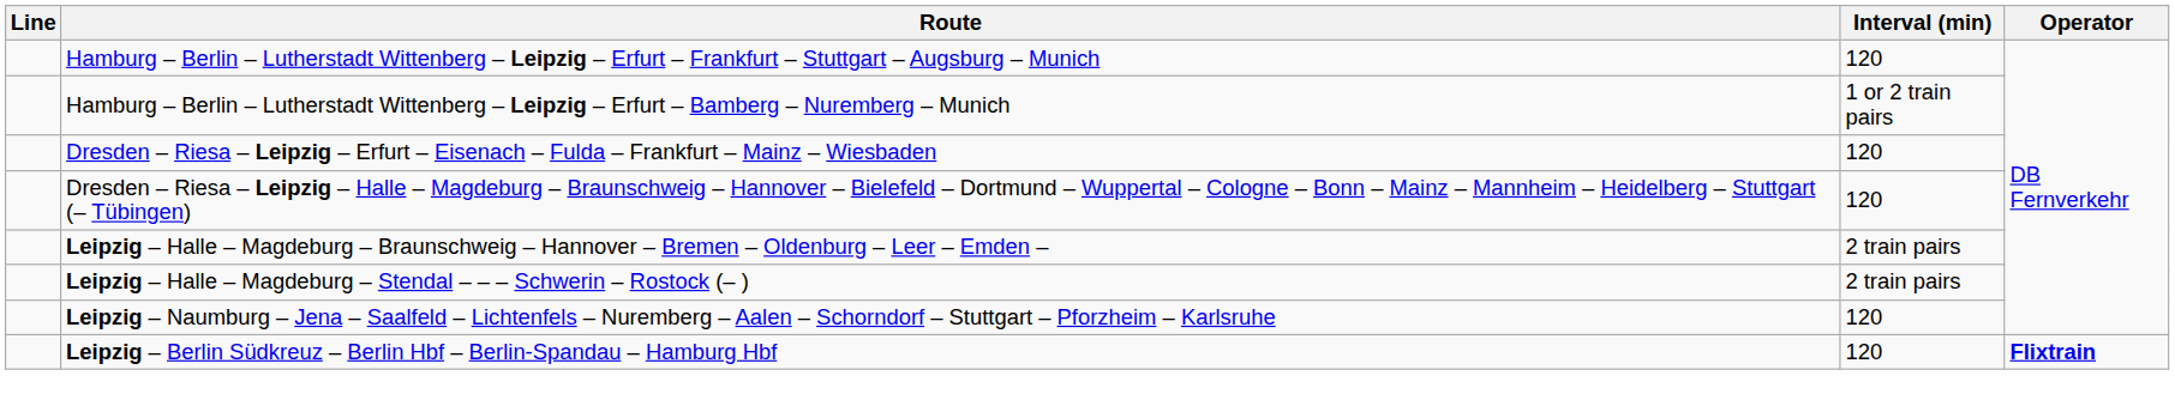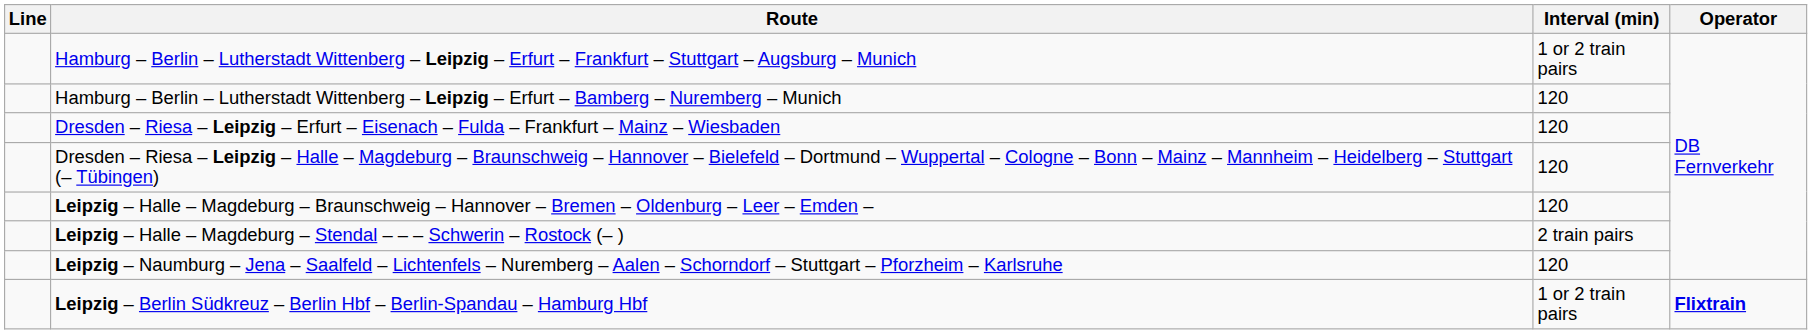 <table class="wikitable">
 <tr>
 <th>Line</th>
 <th>Route</th>
 <th>Interval (min)</th>
 <th>Operator</th>
 </tr>
 <tr>
 <td align="center"></td>
 <td><a href='#'>Hamburg</a> – <a href='#'>Berlin</a> – <a href='#'>Lutherstadt Wittenberg</a> – <strong>Leipzig</strong> – <a href='#'>Erfurt</a> – <a href='#'>Frankfurt</a> – <a href='#'>Stuttgart</a> – <a href='#'>Augsburg</a> – <a href='#'>Munich</a></td>
-<td>120</td>
+<td>1 or 2 train pairs</td>
 <td rowspan=7><a href='#'>DB Fernverkehr</a></td>
 </tr>
 <tr>
 <td align="center"></td>
 <td>Hamburg – Berlin – Lutherstadt Wittenberg – <strong>Leipzig</strong> – Erfurt – <a href='#'>Bamberg</a> – <a href='#'>Nuremberg</a> – Munich</td>
-<td>1 or 2 train pairs</td>
+<td>120</td>
 </tr>
 <tr>
 <td align="center"></td>
 <td><a href='#'>Dresden</a> – <a href='#'>Riesa</a> – <strong>Leipzig</strong> – Erfurt – <a href='#'>Eisenach</a> – <a href='#'>Fulda</a> – Frankfurt – <a href='#'>Mainz</a> – <a href='#'>Wiesbaden</a></td>
 <td>120</td>
 </tr>
 <tr>
 <td align="center"></td>
 <td>Dresden – Riesa – <strong>Leipzig</strong> – <a href='#'>Halle</a> – <a href='#'>Magdeburg</a> – <a href='#'>Braunschweig</a> – <a href='#'>Hannover</a> – <a href='#'>Bielefeld</a> – Dortmund – <a href='#'>Wuppertal</a> – <a href='#'>Cologne</a> – <a href='#'>Bonn</a> – <a href='#'>Mainz</a> – <a href='#'>Mannheim</a> – <a href='#'>Heidelberg</a> – <a href='#'>Stuttgart</a> (– <a href='#'>Tübingen</a>)</td>
 <td>120</td>
 </tr>
 <tr>
 <td align="center"></td>
 <td><strong>Leipzig</strong> – Halle – Magdeburg – Braunschweig – Hannover – <a href='#'>Bremen</a> – <a href='#'>Oldenburg</a> – <a href='#'>Leer</a> – <a href='#'>Emden</a> – </td>
-<td>2 train pairs</td>
+<td>120</td>
 </tr>
 <tr>
 <td align="center"></td>
 <td><strong>Leipzig</strong> – Halle – Magdeburg – <a href='#'>Stendal</a> –  –  – <a href='#'>Schwerin</a> – <a href='#'>Rostock</a> (– )</td>
 <td>2 train pairs</td>
 </tr>
 <tr>
 <td align="center"></td>
 <td><strong>Leipzig</strong> – Naumburg – <a href='#'>Jena</a> – <a href='#'>Saalfeld</a> – <a href='#'>Lichtenfels</a> – Nuremberg – <a href='#'>Aalen</a> – <a href='#'>Schorndorf</a> – Stuttgart – <a href='#'>Pforzheim</a> – <a href='#'>Karlsruhe</a></td>
 <td>120</td>
 </tr>
 <tr>
 <td align="center"></td>
 <td><strong>Leipzig</strong> – <a href='#'>Berlin Südkreuz</a> – <a href='#'>Berlin Hbf</a> – <a href='#'>Berlin-Spandau</a> – <a href='#'>Hamburg Hbf</a></td>
-<td>120</td>
+<td>1 or 2 train pairs</td>
 <td><strong><a href='#'>Flixtrain</a></strong></td>
 </tr>
 </table>
